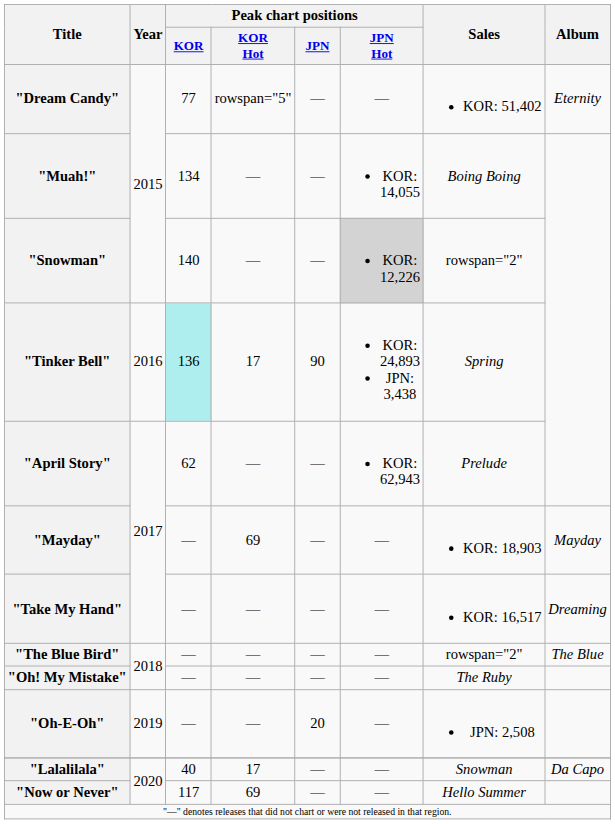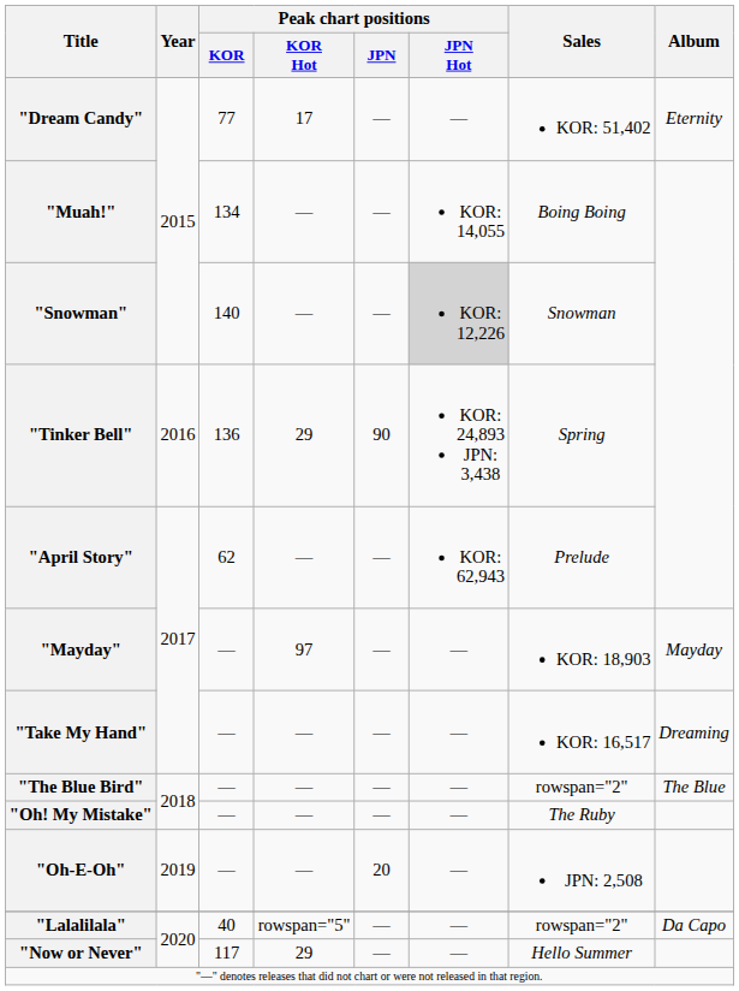 <table class="wikitable plainrowheaders" style="text-align:center;">
 <tr>
 <th scope="col" rowspan="2">Title</th>
 <th scope="col" rowspan="2">Year</th>
 <th scope="col" colspan="4">Peak chart positions</th>
 <th scope="col" rowspan="2">Sales</th>
 <th scope="col" rowspan="2">Album</th>
 </tr>
 <tr>
 <th scope="col" style="width:3em;font-size:90%;"><a href='#'>KOR</a><br></th>
 <th scope="col" style="width:3em;font-size:90%;"><a href='#'>KOR<br>Hot</a><br></th>
 <th scope="col" style="width:3em;font-size:90%;"><a href='#'>JPN</a><br></th>
 <th scope="col" style="width:3em;font-size:90%;"><a href='#'>JPN<br>Hot</a><br></th>
 </tr>
 <tr>
 <th scope="row">"Dream Candy" </th>
 <td rowspan="3">2015</td>
 <td>77</td>
-<td>rowspan="5" </td>
+<td>17</td>
 <td>—</td>
 <td>—</td>
 <td><br><ul><li>KOR: 51,402</li></ul></td>
 <td><em>Eternity</em></td>
 </tr>
 <tr>
 <th scope="row">"Muah!"</th>
 <td>134</td>
 <td>—</td>
 <td>—</td>
 <td><br><ul><li>KOR: 14,055</li></ul></td>
 <td><em>Boing Boing</em></td>
 </tr>
 <tr>
 <th scope="row">"Snowman"</th>
 <td>140</td>
 <td>—</td>
 <td>—</td>
 <td style="background: lightgrey;"><br><ul><li>KOR: 12,226</li></ul></td>
-<td>rowspan="2" </td>
+<td><em>Snowman</em></td>
 </tr>
 <tr>
 <th scope="row">"Tinker Bell" </th>
 <td>2016</td>
-<td style="background: paleturquoise;">136</td>
-<td>17</td>
+<td>136</td>
+<td>29</td>
 <td>90</td>
 <td><br><ul><li>KOR: 24,893</li><li>JPN: 3,438 </li></ul></td>
 <td><em>Spring</em></td>
 </tr>
 <tr>
 <th scope="row">"April Story" </th>
 <td rowspan="3">2017</td>
 <td>62</td>
 <td>—</td>
 <td>—</td>
 <td><br><ul><li>KOR: 62,943</li></ul></td>
 <td><em>Prelude</em></td>
 </tr>
 <tr>
 <th scope="row">"Mayday"</th>
 <td>—</td>
-<td>69</td>
+<td>97</td>
 <td>—</td>
 <td>—</td>
 <td><br><ul><li>KOR: 18,903</li></ul></td>
 <td><em>Mayday</em></td>
 </tr>
 <tr>
 <th scope="row">"Take My Hand" </th>
 <td>—</td>
 <td>—</td>
 <td>—</td>
 <td>—</td>
 <td><br><ul><li>KOR: 16,517</li></ul></td>
 <td><em>Dreaming</em></td>
 </tr>
 <tr>
 <th scope="row">"The Blue Bird" </th>
 <td rowspan="2">2018</td>
 <td>—</td>
 <td>—</td>
 <td>—</td>
 <td>—</td>
 <td>rowspan="2" </td>
 <td><em>The Blue</em></td>
 </tr>
 <tr>
 <th scope="row">"Oh! My Mistake" </th>
 <td>—</td>
 <td>—</td>
 <td>—</td>
 <td>—</td>
 <td><em>The Ruby</em></td>
 </tr>
 <tr>
 <th scope="row">"Oh-E-Oh"</th>
 <td>2019</td>
 <td>—</td>
 <td>—</td>
 <td>20</td>
 <td>—</td>
 <td><br><ul><li>JPN: 2,508 </li></ul></td>
 <td></td>
 </tr>
 <tr>
 </tr>
 <tr>
 <th scope="row">"Lalalilala"</th>
 <td rowspan="2">2020</td>
 <td>40</td>
-<td>17</td>
+<td>rowspan="5" </td>
 <td>—</td>
 <td>—</td>
-<td><em>Snowman</em></td>
+<td>rowspan="2" </td>
 <td><em>Da Capo</em></td>
 </tr>
 <tr>
 <th scope="row">"Now or Never"</th>
 <td>117</td>
-<td>69</td>
+<td>29</td>
 <td>—</td>
 <td>—</td>
 <td><em>Hello Summer</em></td>
 </tr>
 <tr>
 <td colspan="8" style="font-size:8pt;">"—" denotes releases that did not chart or were not released in that region.</td>
 </tr>
 </table>
